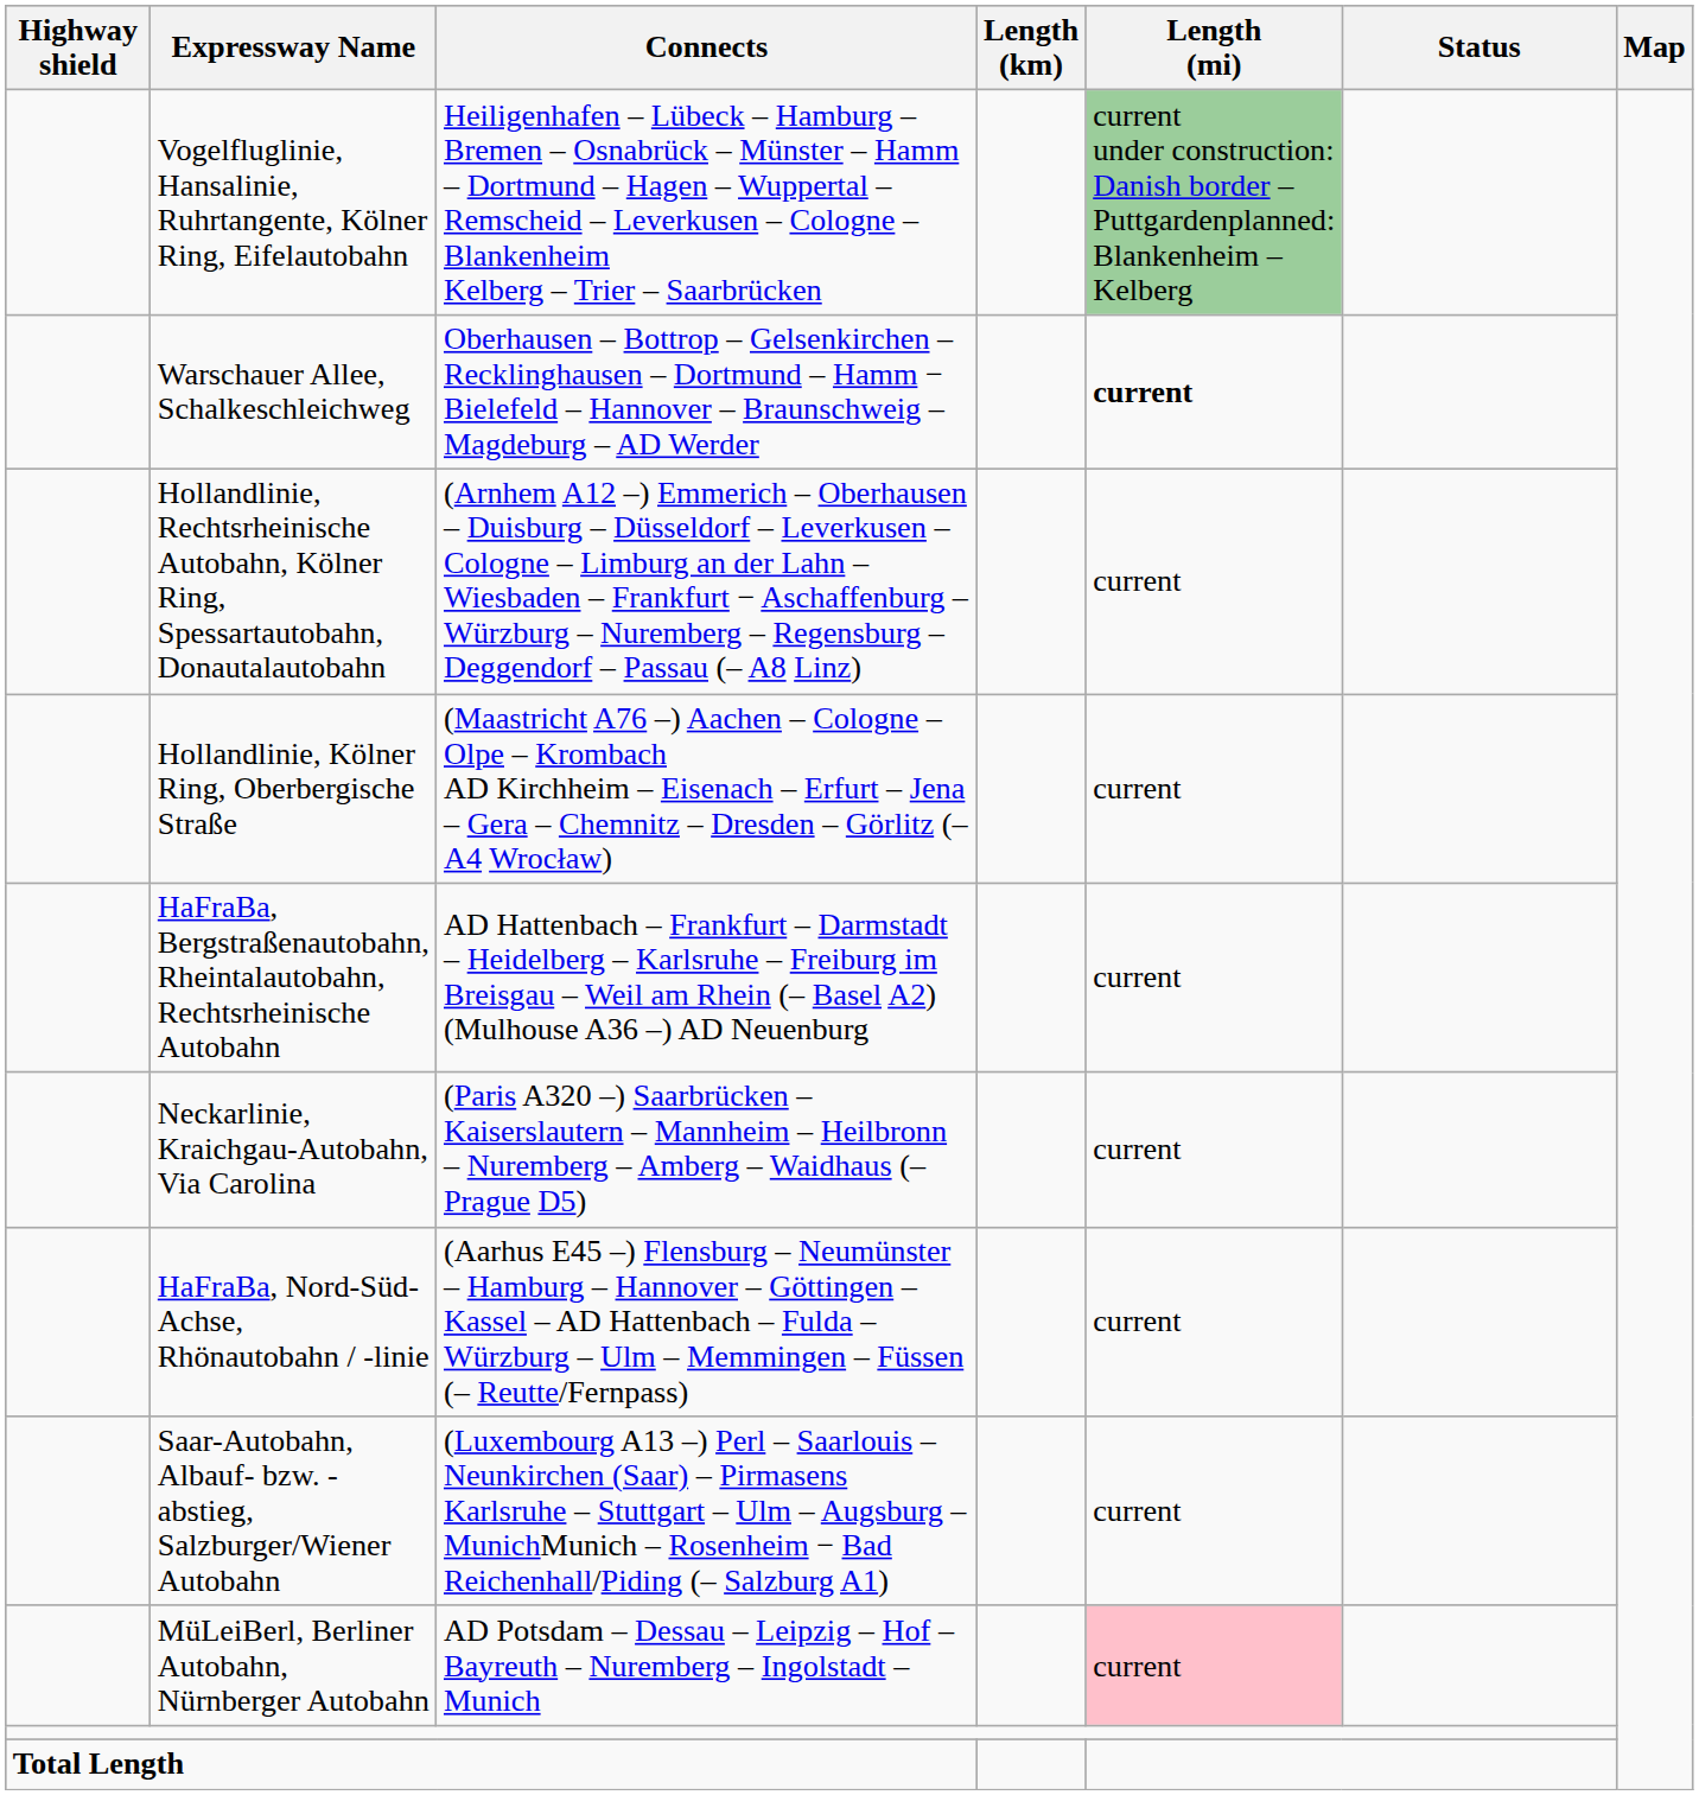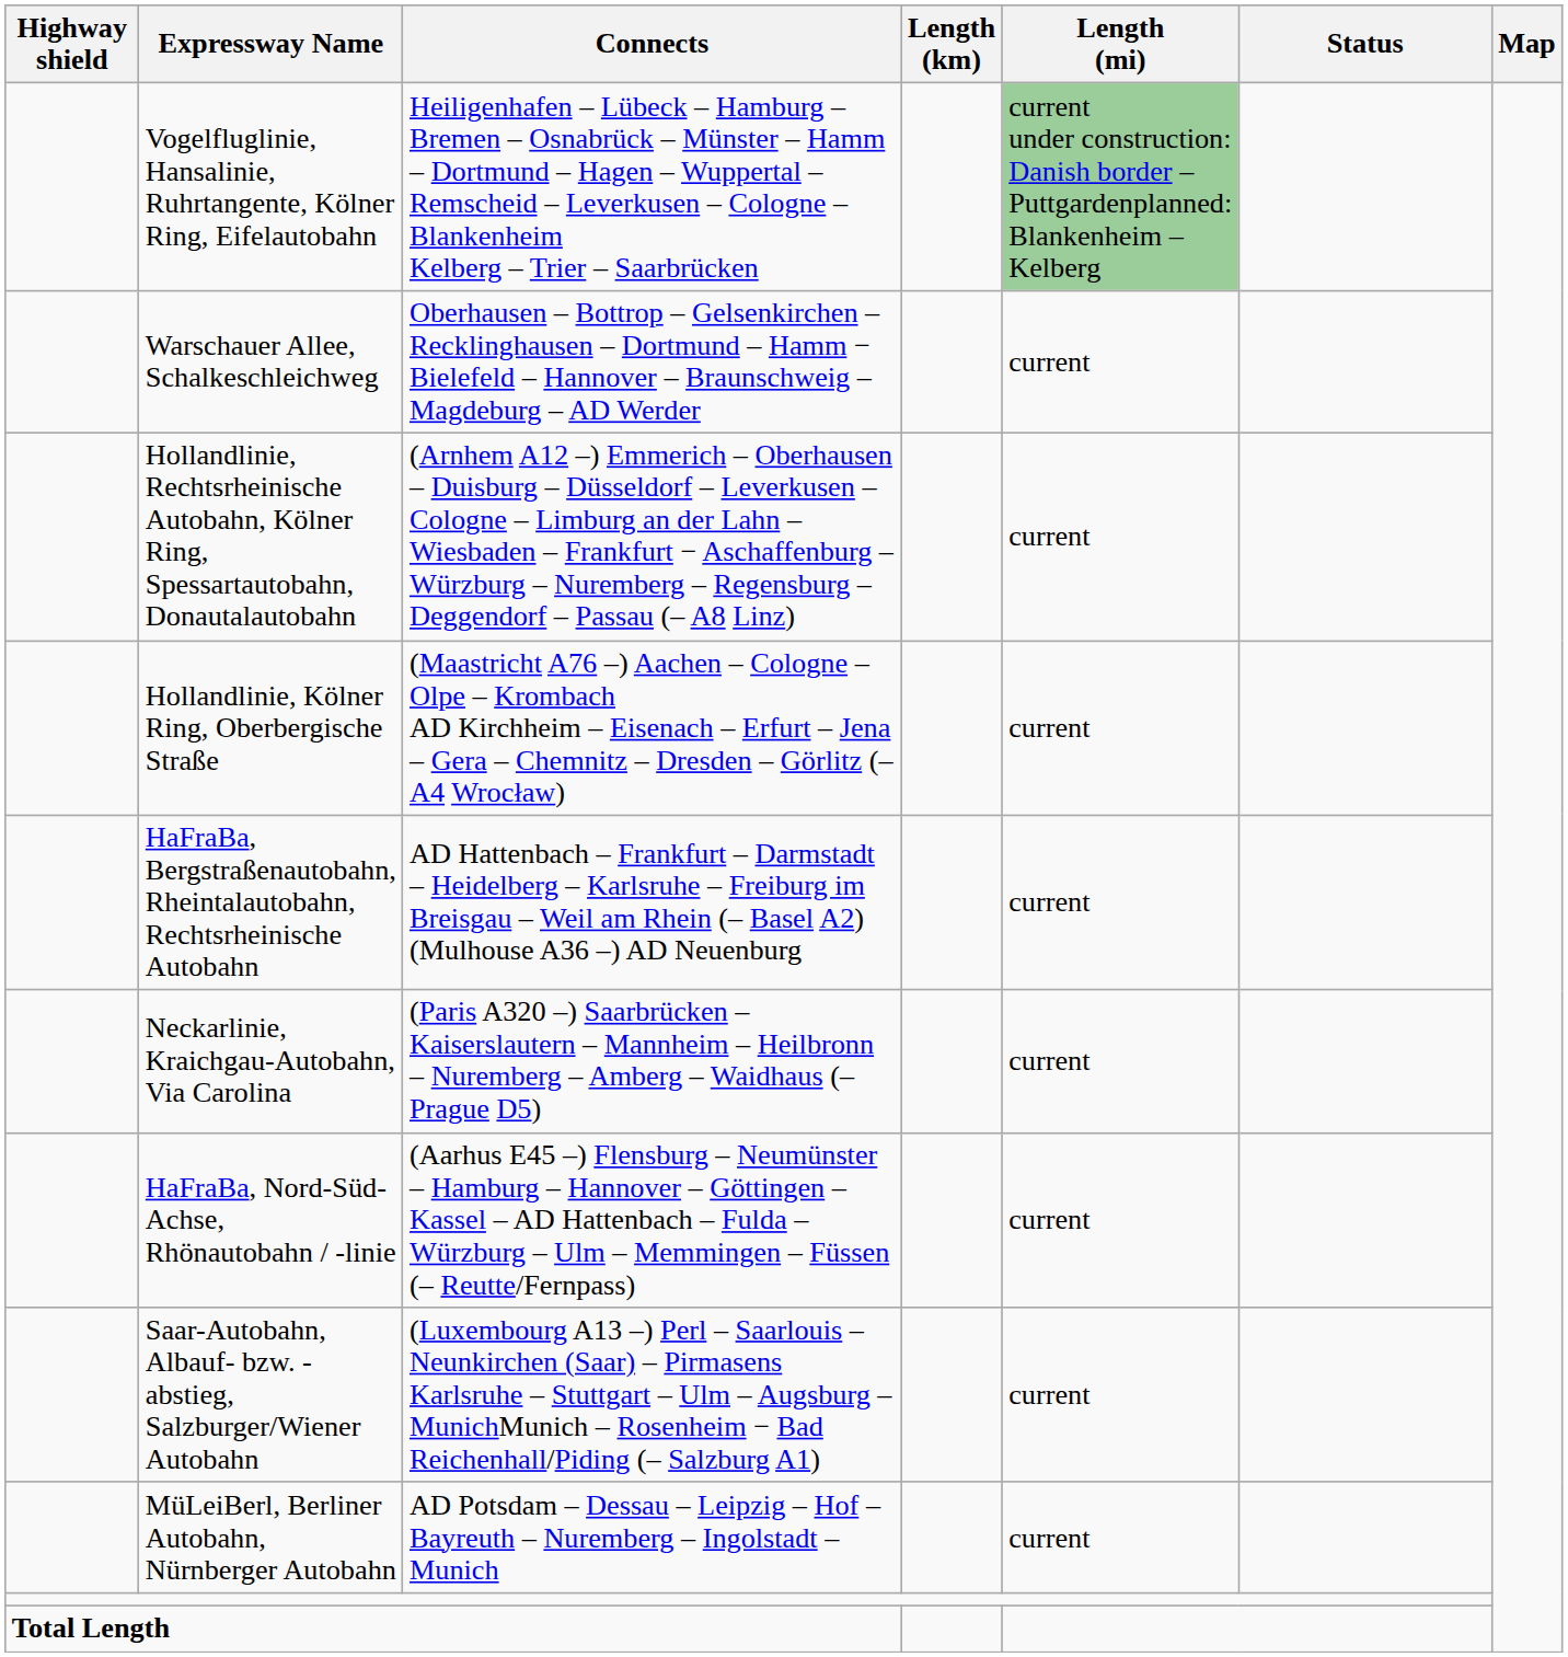 <table class="wikitable">
 <tr>
 <th style="width:9%;">Highway shield</th>
 <th style="width:15%;">Expressway Name</th>
 <th style="width:43%;">Connects</th>
 <th style="width:5%;">Length<br>(km)</th>
 <th style="width:5%;">Length<br>(mi)</th>
 <th style="width:25%;">Status</th>
 <th style="width:100px;">Map</th>
 </tr>
 <tr>
 <td></td>
 <td>Vogelfluglinie, Hansalinie, Ruhrtangente, Kölner Ring, Eifelautobahn</td>
 <td><a href='#'>Heiligenhafen</a> – <a href='#'>Lübeck</a> – <a href='#'>Hamburg</a> – <a href='#'>Bremen</a> – <a href='#'>Osnabrück</a> – <a href='#'>Münster</a> – <a href='#'>Hamm</a> – <a href='#'>Dortmund</a> – <a href='#'>Hagen</a> – <a href='#'>Wuppertal</a> – <a href='#'>Remscheid</a> – <a href='#'>Leverkusen</a> – <a href='#'>Cologne</a> – <a href='#'>Blankenheim</a><br><a href='#'>Kelberg</a> – <a href='#'>Trier</a> – <a href='#'>Saarbrücken</a></td>
 <td></td>
 <td style="background-color:#9BCD9B">current<br>under construction: <a href='#'>Danish border</a> – Puttgardenplanned: Blankenheim – Kelberg</td>
 <td></td>
 </tr>
 <tr>
 <td></td>
 <td>Warschauer Allee, Schalkeschleichweg</td>
 <td><a href='#'>Oberhausen</a> – <a href='#'>Bottrop</a> – <a href='#'>Gelsenkirchen</a> – <a href='#'>Recklinghausen</a> – <a href='#'>Dortmund</a> – <a href='#'>Hamm</a> − <a href='#'>Bielefeld</a> – <a href='#'>Hannover</a> – <a href='#'>Braunschweig</a> – <a href='#'>Magdeburg</a> – <a href='#'>AD Werder</a></td>
 <td></td>
-<td><strong>current</strong></td>
+<td>current</td>
 <td></td>
 </tr>
 <tr>
 <td></td>
 <td>Hollandlinie, Rechtsrheinische Autobahn, Kölner Ring, Spessartautobahn, Donautalautobahn</td>
 <td>(<a href='#'>Arnhem</a>  <a href='#'>A12</a> –) <a href='#'>Emmerich</a> – <a href='#'>Oberhausen</a> – <a href='#'>Duisburg</a> – <a href='#'>Düsseldorf</a> – <a href='#'>Leverkusen</a> – <a href='#'>Cologne</a> – <a href='#'>Limburg an der Lahn</a> – <a href='#'>Wiesbaden</a> – <a href='#'>Frankfurt</a> − <a href='#'>Aschaffenburg</a> – <a href='#'>Würzburg</a> – <a href='#'>Nuremberg</a> – <a href='#'>Regensburg</a> – <a href='#'>Deggendorf</a> – <a href='#'>Passau</a> (–  <a href='#'>A8</a> <a href='#'>Linz</a>)</td>
 <td></td>
 <td>current</td>
 <td></td>
 </tr>
 <tr>
 <td></td>
 <td>Hollandlinie, Kölner Ring, Oberbergische Straße</td>
 <td>(<a href='#'>Maastricht</a> <a href='#'>A76</a> –) <a href='#'>Aachen</a> – <a href='#'>Cologne</a> – <a href='#'>Olpe</a> – <a href='#'>Krombach</a><br>AD Kirchheim – <a href='#'>Eisenach</a> – <a href='#'>Erfurt</a> – <a href='#'>Jena</a> – <a href='#'>Gera</a> – <a href='#'>Chemnitz</a> – <a href='#'>Dresden</a> – <a href='#'>Görlitz</a> (– <a href='#'>A4</a> <a href='#'>Wrocław</a>)</td>
 <td></td>
 <td>current</td>
 <td></td>
 </tr>
 <tr>
 <td></td>
 <td><a href='#'>HaFraBa</a>, Bergstraßenautobahn, Rheintalautobahn, Rechtsrheinische Autobahn</td>
 <td>AD Hattenbach – <a href='#'>Frankfurt</a> – <a href='#'>Darmstadt</a> – <a href='#'>Heidelberg</a> – <a href='#'>Karlsruhe</a> – <a href='#'>Freiburg im Breisgau</a> – <a href='#'>Weil am Rhein</a> (– <a href='#'>Basel</a>  <a href='#'>A2</a>)<br>(Mulhouse A36 –) AD Neuenburg</td>
 <td></td>
 <td>current</td>
 <td></td>
 </tr>
 <tr>
 <td></td>
 <td>Neckarlinie, Kraichgau-Autobahn, Via Carolina</td>
 <td>(<a href='#'>Paris</a> A320 –) <a href='#'>Saarbrücken</a> – <a href='#'>Kaiserslautern</a> – <a href='#'>Mannheim</a> – <a href='#'>Heilbronn</a> – <a href='#'>Nuremberg</a> – <a href='#'>Amberg</a> – <a href='#'>Waidhaus</a> (– <a href='#'>Prague</a> <a href='#'>D5</a>)</td>
 <td></td>
 <td>current</td>
 <td></td>
 </tr>
 <tr>
 <td></td>
 <td><a href='#'>HaFraBa</a>, Nord-Süd-Achse, Rhönautobahn / -linie</td>
 <td>(Aarhus E45 –) <a href='#'>Flensburg</a> – <a href='#'>Neumünster</a> – <a href='#'>Hamburg</a> – <a href='#'>Hannover</a> – <a href='#'>Göttingen</a> – <a href='#'>Kassel</a> – AD Hattenbach – <a href='#'>Fulda</a> – <a href='#'>Würzburg</a> – <a href='#'>Ulm</a> – <a href='#'>Memmingen</a> – <a href='#'>Füssen</a> (– <a href='#'>Reutte</a>/Fernpass)</td>
 <td></td>
 <td>current</td>
 <td></td>
 </tr>
 <tr>
 <td></td>
 <td>Saar-Autobahn, Albauf- bzw. -abstieg, Salzburger/Wiener Autobahn</td>
 <td>(<a href='#'>Luxembourg</a> A13 –) <a href='#'>Perl</a> – <a href='#'>Saarlouis</a> – <a href='#'>Neunkirchen (Saar)</a> – <a href='#'>Pirmasens</a><br><a href='#'>Karlsruhe</a> – <a href='#'>Stuttgart</a> – <a href='#'>Ulm</a> – <a href='#'>Augsburg</a> – <a href='#'>Munich</a>Munich – <a href='#'>Rosenheim</a> − <a href='#'>Bad Reichenhall</a>/<a href='#'>Piding</a> (– <a href='#'>Salzburg</a> <a href='#'>A1</a>)</td>
 <td></td>
 <td>current</td>
 <td></td>
 </tr>
 <tr>
 <td></td>
 <td>MüLeiBerl, Berliner Autobahn, Nürnberger Autobahn</td>
 <td>AD Potsdam – <a href='#'>Dessau</a> – <a href='#'>Leipzig</a> – <a href='#'>Hof</a> – <a href='#'>Bayreuth</a> – <a href='#'>Nuremberg</a> – <a href='#'>Ingolstadt</a> – <a href='#'>Munich</a></td>
 <td></td>
-<td style="background: pink;">current</td>
+<td>current</td>
 <td></td>
 </tr>
 <tr>
 <td colspan="6"></td>
 </tr>
 <tr style="font-weight:bold;">
 <td colspan="3">Total Length</td>
 <td></td>
 <td colspan="2"></td>
 </tr>
 </table>
